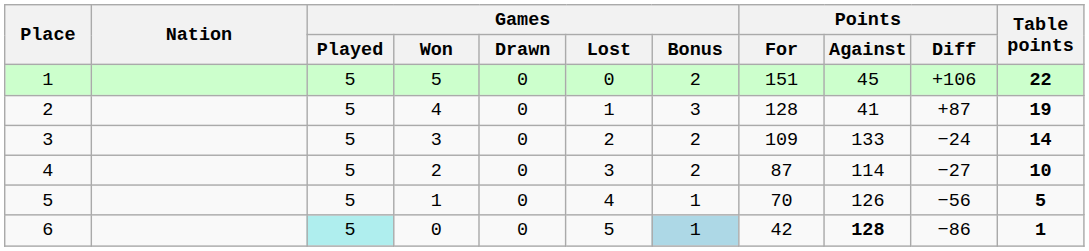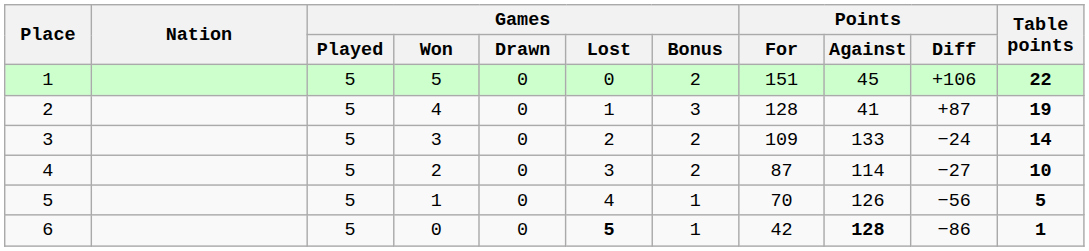 <table class="wikitable" style="text-align:center">
 <tr>
 <th rowspan=2 width="8%">Place</th>
 <th rowspan=2 width="20%">Nation</th>
 <th colspan=5 width="40%">Games</th>
 <th colspan=3 width="24%">Points</th>
 <th rowspan=2 width="10%">Table<br>points</th>
 </tr>
 <tr>
 <th width="8%">Played</th>
 <th width="8%">Won</th>
 <th width="8%">Drawn</th>
 <th width="8%">Lost</th>
 <th width="8%">Bonus</th>
 <th width="8%">For</th>
 <th width="8%">Against</th>
 <th width="8%">Diff</th>
 </tr>
 <tr bgcolor="#ccffcc">
 <td>1</td>
 <td align=left></td>
 <td>5</td>
 <td>5</td>
 <td>0</td>
 <td>0</td>
 <td>2</td>
 <td>151</td>
 <td>45</td>
 <td>+106</td>
 <td><strong>22</strong></td>
 </tr>
 <tr>
 <td>2</td>
 <td align=left></td>
 <td>5</td>
 <td>4</td>
 <td>0</td>
 <td>1</td>
 <td>3</td>
 <td>128</td>
 <td>41</td>
 <td>+87</td>
 <td><strong>19</strong></td>
 </tr>
 <tr>
 <td>3</td>
 <td align=left></td>
 <td>5</td>
 <td>3</td>
 <td>0</td>
 <td>2</td>
 <td>2</td>
 <td>109</td>
 <td>133</td>
 <td>−24</td>
 <td><strong>14</strong></td>
 </tr>
 <tr>
 <td>4</td>
 <td align=left></td>
 <td>5</td>
 <td>2</td>
 <td>0</td>
 <td>3</td>
 <td>2</td>
 <td>87</td>
 <td>114</td>
 <td>−27</td>
 <td><strong>10</strong></td>
 </tr>
 <tr>
 <td>5</td>
 <td align=left></td>
 <td>5</td>
 <td>1</td>
 <td>0</td>
 <td>4</td>
 <td>1</td>
 <td>70</td>
 <td>126</td>
 <td>−56</td>
 <td><strong>5</strong></td>
 </tr>
 <tr>
 <td>6</td>
 <td align=left></td>
-<td style="background: paleturquoise;">5</td>
+<td>5</td>
 <td>0</td>
 <td>0</td>
-<td>5</td>
-<td style="background: lightblue;">1</td>
+<td><strong>5</strong></td>
+<td>1</td>
 <td>42</td>
 <td><strong>128</strong></td>
 <td>−86</td>
 <td><strong>1</strong></td>
 </tr>
 </table>
